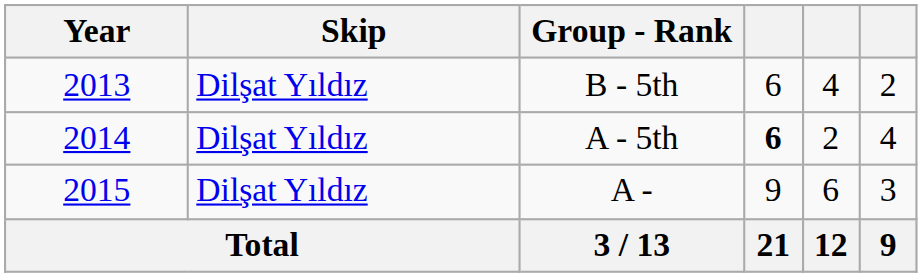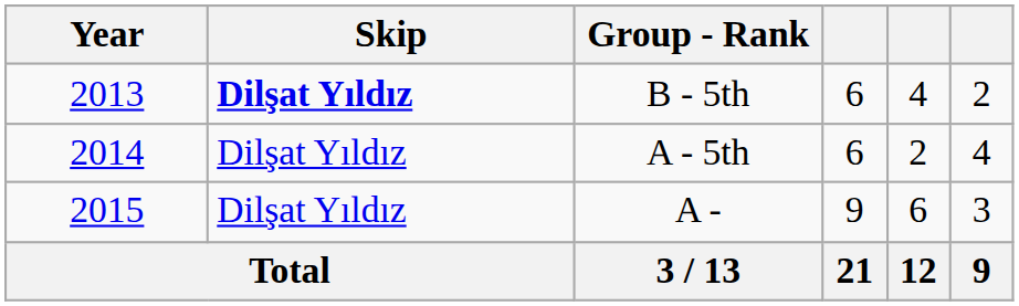 <table class="wikitable" style="text-align: center;">
 <tr>
 <th width="80">Year</th>
 <th width="150">Skip</th>
 <th width="100">Group - Rank</th>
 <th width="20"></th>
 <th width="20"></th>
 <th width="20"></th>
 </tr>
 <tr>
 <td> <a href='#'>2013</a></td>
-<td align=left><a href='#'>Dilşat Yıldız</a></td>
+<td align=left><strong><a href='#'>Dilşat Yıldız</a></strong></td>
 <td>B - 5th</td>
 <td>6</td>
 <td>4</td>
 <td>2</td>
 </tr>
 <tr>
 <td> <a href='#'>2014</a></td>
 <td align=left><a href='#'>Dilşat Yıldız</a></td>
 <td>A - 5th</td>
-<td><strong>6</strong></td>
+<td>6</td>
 <td>2</td>
 <td>4</td>
 </tr>
 <tr>
 <td> <a href='#'>2015</a></td>
 <td align=left><a href='#'>Dilşat Yıldız</a></td>
 <td>A - </td>
 <td>9</td>
 <td>6</td>
 <td>3</td>
 </tr>
 <tr>
 <th colspan=2>Total</th>
 <th>3 / 13</th>
 <th>21</th>
 <th>12</th>
 <th>9</th>
 </tr>
 </table>
